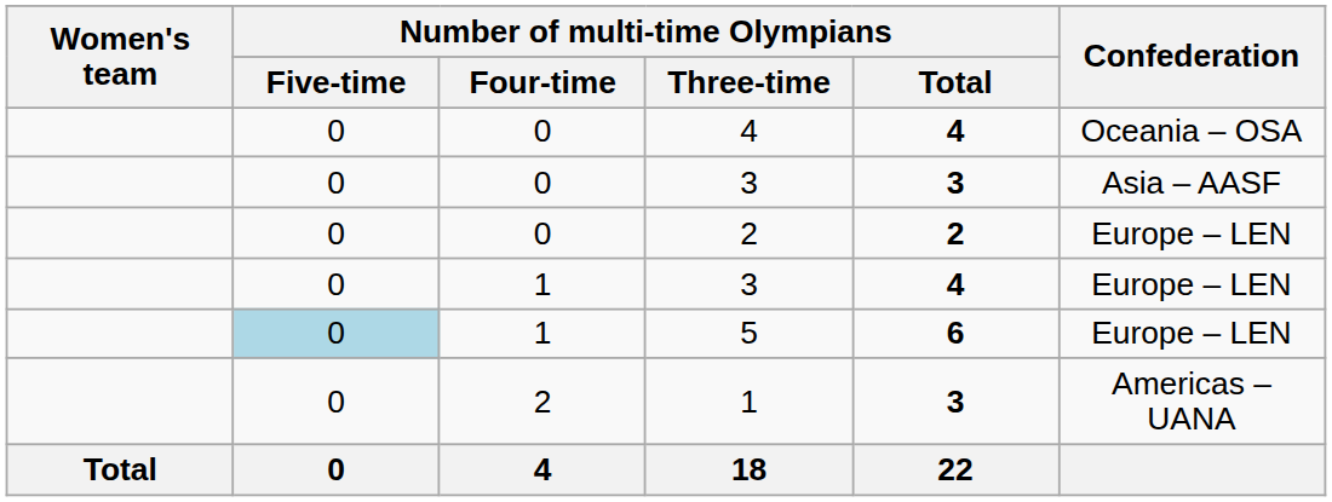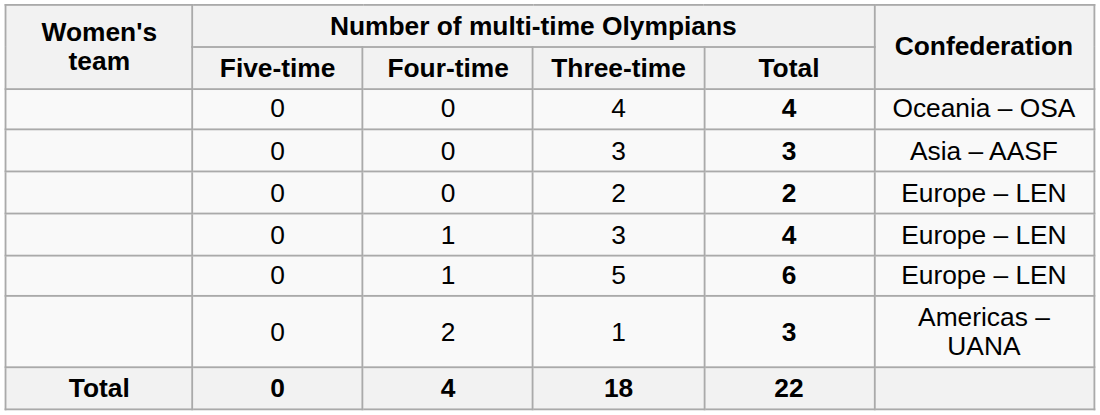 <table class="wikitable sortable" style="text-align: center; font-size: 90%; margin-left: 1em;">
 <tr>
 <th rowspan="2">Women's team</th>
 <th colspan="4">Number of multi-time Olympians</th>
 <th rowspan="2">Confederation</th>
 </tr>
 <tr>
 <th style="width: 6em;">Five-time</th>
 <th style="width: 6em;">Four-time</th>
 <th style="width: 6em;">Three-time</th>
 <th style="width: 6em;">Total</th>
 </tr>
 <tr>
 <td style="text-align: left;"></td>
 <td>0</td>
 <td>0</td>
 <td>4</td>
 <td><strong>4</strong></td>
 <td>Oceania – OSA</td>
 </tr>
 <tr>
 <td style="text-align: left;"></td>
 <td>0</td>
 <td>0</td>
 <td>3</td>
 <td><strong>3</strong></td>
 <td>Asia – AASF</td>
 </tr>
 <tr>
 <td style="text-align: left;"></td>
 <td>0</td>
 <td>0</td>
 <td>2</td>
 <td><strong>2</strong></td>
 <td>Europe – LEN</td>
 </tr>
 <tr>
 <td style="text-align: left;"></td>
 <td>0</td>
 <td>1</td>
 <td>3</td>
 <td><strong>4</strong></td>
 <td>Europe – LEN</td>
 </tr>
 <tr>
 <td style="text-align: left;"></td>
-<td style="background: lightblue;">0</td>
+<td>0</td>
 <td>1</td>
 <td>5</td>
 <td><strong>6</strong></td>
 <td>Europe – LEN</td>
 </tr>
 <tr>
 <td style="text-align: left;"></td>
 <td>0</td>
 <td>2</td>
 <td>1</td>
 <td><strong>3</strong></td>
 <td>Americas – UANA</td>
 </tr>
 <tr>
 <th>Total</th>
 <th>0</th>
 <th>4</th>
 <th>18</th>
 <th>22</th>
 <th></th>
 </tr>
 </table>
